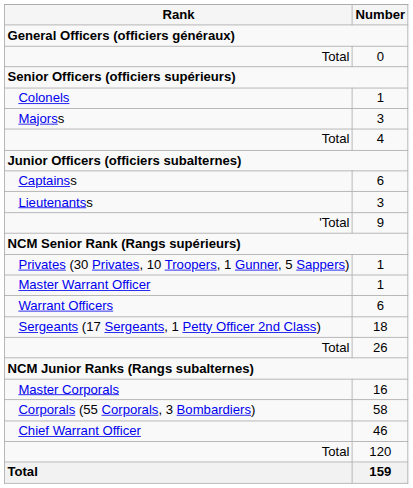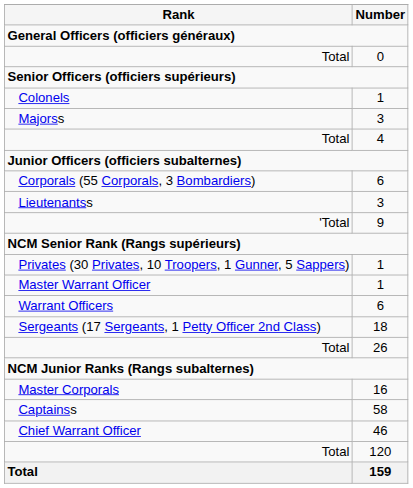 <table Class="wikitable">
 <tr>
 </tr>
 <tr>
 <th style="background:#f5f5f5; text-align:center;">Rank</th>
 <th style="background:#f5f5f5; text-align:center;">Number</th>
 </tr>
 <tr>
 <td colspan="2"><strong>General Officers (officiers généraux)</strong></td>
 </tr>
 <tr>
 <td style="text-align:right;">Total</td>
 <td style="text-align:center;">0</td>
 </tr>
 <tr>
 <td colspan="2"><strong>Senior Officers (officiers supérieurs)</strong></td>
 </tr>
 <tr>
 <td>   <a href='#'>Colonels</a></td>
 <td style="text-align:center;">1</td>
 </tr>
 <tr>
 <td>   <a href='#'>Majors</a>s</td>
 <td style="text-align:center;">3</td>
 </tr>
 <tr>
 <td style="text-align:right;">Total</td>
 <td style="text-align:center;">4</td>
 </tr>
 <tr>
 <td colspan="2"><strong>Junior Officers (officiers subalternes)</strong></td>
 </tr>
 <tr>
-<td>   <a href='#'>Captains</a>s</td>
+<td>   <a href='#'>Corporals</a> (55 <a href='#'>Corporals</a>, 3 <a href='#'>Bombardiers</a>)</td>
 <td style="text-align:center;">6</td>
 </tr>
 <tr>
 <td>   <a href='#'>Lieutenants</a>s</td>
 <td style="text-align:center;">3</td>
 </tr>
 <tr>
 <td style="text-align:right;">'Total</td>
 <td style="text-align:center;">9</td>
 </tr>
 <tr>
 <td colspan="2"><strong>NCM Senior Rank (Rangs supérieurs)</strong></td>
 </tr>
 <tr>
 <td>   <a href='#'>Privates</a> (30 <a href='#'>Privates</a>, 10 <a href='#'>Troopers</a>, 1 <a href='#'>Gunner</a>, 5 <a href='#'>Sappers</a>)</td>
 <td style="text-align:center;">1</td>
 </tr>
 <tr>
 <td>   <a href='#'>Master Warrant Officer</a></td>
 <td style="text-align:center;">1</td>
 </tr>
 <tr>
 <td>   <a href='#'>Warrant Officers</a></td>
 <td style="text-align:center;">6</td>
 </tr>
 <tr>
 <td>   <a href='#'>Sergeants</a> (17 <a href='#'>Sergeants</a>, 1 <a href='#'>Petty Officer 2nd Class</a>)</td>
 <td style="text-align:center;">18</td>
 </tr>
 <tr>
 <td style="text-align:right;">Total</td>
 <td style="text-align:center;">26</td>
 </tr>
 <tr>
 <td colspan="2"><strong>NCM Junior Ranks (Rangs subalternes)</strong></td>
 </tr>
 <tr>
 <td>   <a href='#'>Master Corporals</a></td>
 <td style="text-align:center;">16</td>
 </tr>
 <tr>
-<td>   <a href='#'>Corporals</a> (55 <a href='#'>Corporals</a>, 3 <a href='#'>Bombardiers</a>)</td>
+<td>   <a href='#'>Captains</a>s</td>
 <td style="text-align:center;">58</td>
 </tr>
 <tr>
 <td>   <a href='#'>Chief Warrant Officer</a></td>
 <td style="text-align:center;">46</td>
 </tr>
 <tr>
 <td style="text-align:right;">Total</td>
 <td style="text-align:center;">120</td>
 </tr>
 <tr>
 <th style="text-align:left;">Total</th>
 <th style="text-align:center; ">159</th>
 </tr>
 </table>
